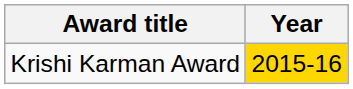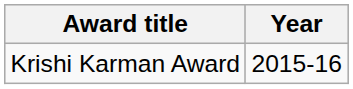 <table class="wikitable">
 <tr>
 <th>Award title</th>
 <th>Year</th>
 </tr>
 <tr>
 <td>Krishi Karman Award</td>
-<td style="background: gold;">2015-16</td>
+<td>2015-16</td>
 </tr>
 </table>
